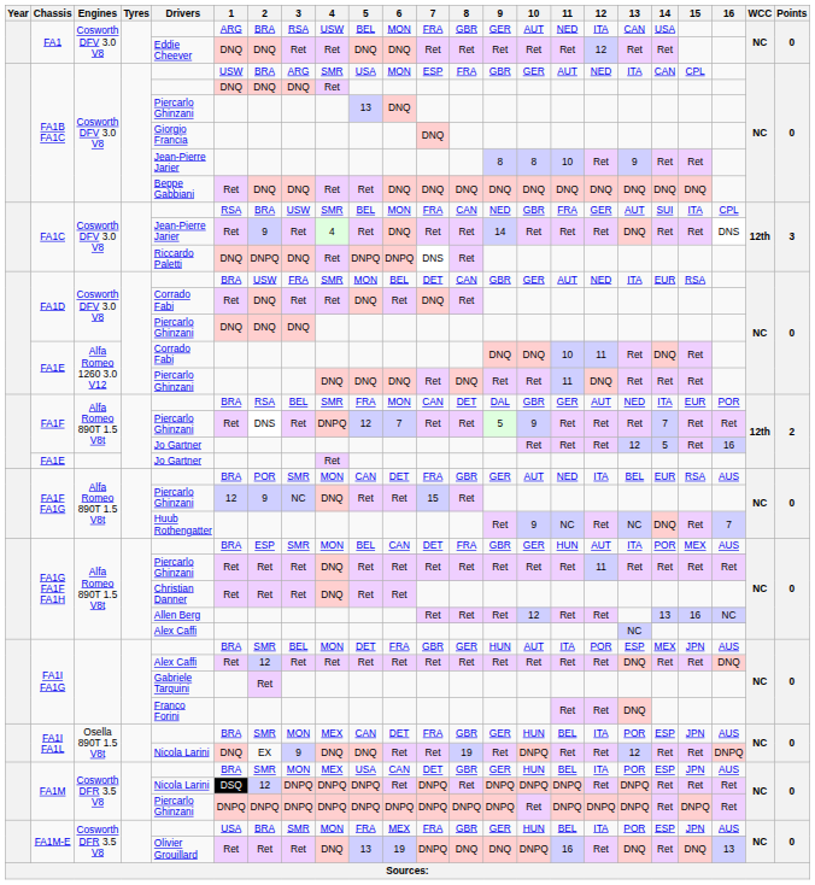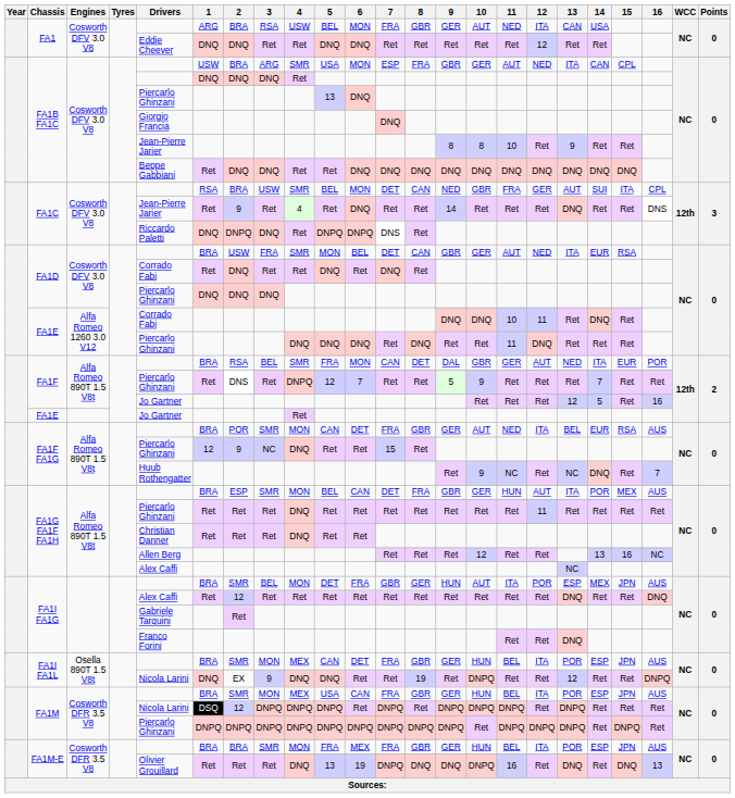 <table class="wikitable" style="text-align:center; font-size:85%">
 <tr>
 <th>Year</th>
 <th>Chassis</th>
 <th>Engines</th>
 <th>Tyres</th>
 <th>Drivers</th>
 <th>1</th>
 <th>2</th>
 <th>3</th>
 <th>4</th>
 <th>5</th>
 <th>6</th>
 <th>7</th>
 <th>8</th>
 <th>9</th>
 <th>10</th>
 <th>11</th>
 <th>12</th>
 <th>13</th>
 <th>14</th>
 <th>15</th>
 <th>16</th>
 <th>WCC</th>
 <th>Points</th>
 </tr>
 <tr>
 <th rowspan="2"></th>
 <td rowspan="2"><a href='#'>FA1</a></td>
 <td rowspan="2"><a href='#'>Cosworth DFV</a> 3.0 <a href='#'>V8</a></td>
 <td rowspan="2"></td>
 <td></td>
 <td><a href='#'>ARG</a></td>
 <td><a href='#'>BRA</a></td>
 <td><a href='#'>RSA</a></td>
 <td><a href='#'>USW</a></td>
 <td><a href='#'>BEL</a></td>
 <td><a href='#'>MON</a></td>
 <td><a href='#'>FRA</a></td>
 <td><a href='#'>GBR</a></td>
 <td><a href='#'>GER</a></td>
 <td><a href='#'>AUT</a></td>
 <td><a href='#'>NED</a></td>
 <td><a href='#'>ITA</a></td>
 <td><a href='#'>CAN</a></td>
 <td><a href='#'>USA</a></td>
 <td></td>
 <td></td>
 <th rowspan="2">NC</th>
 <th rowspan="2">0</th>
 </tr>
 <tr>
 <td align="left"> <a href='#'>Eddie Cheever</a></td>
 <td style="background:#FFCFCF;">DNQ</td>
 <td style="background:#FFCFCF;">DNQ</td>
 <td style="background:#EFCFFF;">Ret</td>
 <td style="background:#EFCFFF;">Ret</td>
 <td style="background:#FFCFCF;">DNQ</td>
 <td style="background:#FFCFCF;">DNQ</td>
 <td style="background:#EFCFFF;">Ret</td>
 <td style="background:#EFCFFF;">Ret</td>
 <td style="background:#EFCFFF;">Ret</td>
 <td style="background:#EFCFFF;">Ret</td>
 <td style="background:#EFCFFF;">Ret</td>
 <td style="background:#CFCFFF;">12</td>
 <td style="background:#EFCFFF;">Ret</td>
 <td style="background:#EFCFFF;">Ret</td>
 <td></td>
 <td></td>
 </tr>
 <tr>
 <th rowspan="6"></th>
 <td rowspan="6"><a href='#'>FA1B</a><br><a href='#'>FA1C</a></td>
 <td rowspan="6"><a href='#'>Cosworth DFV</a> 3.0 <a href='#'>V8</a></td>
 <td rowspan="6"></td>
 <td></td>
 <td><a href='#'>USW</a></td>
 <td><a href='#'>BRA</a></td>
 <td><a href='#'>ARG</a></td>
 <td><a href='#'>SMR</a></td>
 <td><a href='#'>USA</a></td>
 <td><a href='#'>MON</a></td>
 <td><a href='#'>ESP</a></td>
 <td><a href='#'>FRA</a></td>
 <td><a href='#'>GBR</a></td>
 <td><a href='#'>GER</a></td>
 <td><a href='#'>AUT</a></td>
 <td><a href='#'>NED</a></td>
 <td><a href='#'>ITA</a></td>
 <td><a href='#'>CAN</a></td>
 <td><a href='#'>CPL</a></td>
 <td></td>
 <th rowspan="6">NC</th>
 <th rowspan="6">0</th>
 </tr>
 <tr>
 <td align="left"></td>
 <td style="background:#FFCFCF;">DNQ</td>
 <td style="background:#FFCFCF;">DNQ</td>
 <td style="background:#FFCFCF;">DNQ</td>
 <td style="background:#EFCFFF;">Ret</td>
 <td></td>
 <td></td>
 <td></td>
 <td></td>
 <td></td>
 <td></td>
 <td></td>
 <td></td>
 <td></td>
 <td></td>
 <td></td>
 <td></td>
 </tr>
 <tr>
 <td align="left"> <a href='#'>Piercarlo Ghinzani</a></td>
 <td></td>
 <td></td>
 <td></td>
 <td></td>
 <td style="background:#CFCFFF;">13</td>
 <td style="background:#FFCFCF;">DNQ</td>
 <td></td>
 <td></td>
 <td></td>
 <td></td>
 <td></td>
 <td></td>
 <td></td>
 <td></td>
 <td></td>
 <td></td>
 </tr>
 <tr>
 <td align="left"> <a href='#'>Giorgio Francia</a></td>
 <td></td>
 <td></td>
 <td></td>
 <td></td>
 <td></td>
 <td></td>
 <td style="background:#FFCFCF;">DNQ</td>
 <td></td>
 <td></td>
 <td></td>
 <td></td>
 <td></td>
 <td></td>
 <td></td>
 <td></td>
 <td></td>
 </tr>
 <tr>
 <td align="left"> <a href='#'>Jean-Pierre Jarier</a></td>
 <td></td>
 <td></td>
 <td></td>
 <td></td>
 <td></td>
 <td></td>
 <td></td>
 <td></td>
 <td style="background:#CFCFFF;">8</td>
 <td style="background:#CFCFFF;">8</td>
 <td style="background:#CFCFFF;">10</td>
 <td style="background:#EFCFFF;">Ret</td>
 <td style="background:#CFCFFF;">9</td>
 <td style="background:#EFCFFF;">Ret</td>
 <td style="background:#EFCFFF;">Ret</td>
 <td></td>
 </tr>
 <tr>
 <td align="left"> <a href='#'>Beppe Gabbiani</a></td>
 <td style="background:#EFCFFF;">Ret</td>
 <td style="background:#FFCFCF;">DNQ</td>
 <td style="background:#FFCFCF;">DNQ</td>
 <td style="background:#EFCFFF;">Ret</td>
 <td style="background:#EFCFFF;">Ret</td>
 <td style="background:#FFCFCF;">DNQ</td>
 <td style="background:#FFCFCF;">DNQ</td>
 <td style="background:#FFCFCF;">DNQ</td>
 <td style="background:#FFCFCF;">DNQ</td>
 <td style="background:#FFCFCF;">DNQ</td>
 <td style="background:#FFCFCF;">DNQ</td>
 <td style="background:#FFCFCF;">DNQ</td>
 <td style="background:#FFCFCF;">DNQ</td>
 <td style="background:#FFCFCF;">DNQ</td>
 <td style="background:#FFCFCF;">DNQ</td>
 <td></td>
 </tr>
 <tr>
 <th rowspan="3"></th>
 <td rowspan="3"><a href='#'>FA1C</a><br></td>
 <td rowspan="3"><a href='#'>Cosworth DFV</a> 3.0 <a href='#'>V8</a></td>
 <td rowspan="3"></td>
 <td></td>
 <td><a href='#'>RSA</a></td>
 <td><a href='#'>BRA</a></td>
 <td><a href='#'>USW</a></td>
 <td><a href='#'>SMR</a></td>
 <td><a href='#'>BEL</a></td>
 <td><a href='#'>MON</a></td>
-<td><a href='#'>FRA</a></td>
+<td><a href='#'>DET</a></td>
 <td><a href='#'>CAN</a></td>
 <td><a href='#'>NED</a></td>
 <td><a href='#'>GBR</a></td>
 <td><a href='#'>FRA</a></td>
 <td><a href='#'>GER</a></td>
 <td><a href='#'>AUT</a></td>
 <td><a href='#'>SUI</a></td>
 <td><a href='#'>ITA</a></td>
 <td><a href='#'>CPL</a></td>
 <th rowspan="3">12th</th>
 <th rowspan="3">3</th>
 </tr>
 <tr>
 <td align="left"> <a href='#'>Jean-Pierre Jarier</a></td>
 <td style="background:#EFCFFF;">Ret</td>
 <td style="background:#CFCFFF;">9</td>
 <td style="background:#EFCFFF;">Ret</td>
 <td style="background:#DFFFDF;">4</td>
 <td style="background:#EFCFFF;">Ret</td>
 <td style="background:#FFCFCF;">DNQ</td>
 <td style="background:#EFCFFF;">Ret</td>
 <td style="background:#EFCFFF;">Ret</td>
 <td style="background:#CFCFFF;">14</td>
 <td style="background:#EFCFFF;">Ret</td>
 <td style="background:#EFCFFF;">Ret</td>
 <td style="background:#EFCFFF;">Ret</td>
 <td style="background:#FFCFCF;">DNQ</td>
 <td style="background:#EFCFFF;">Ret</td>
 <td style="background:#EFCFFF;">Ret</td>
 <td style="background:#ffffff;">DNS</td>
 </tr>
 <tr>
 <td align="left"> <a href='#'>Riccardo Paletti</a></td>
 <td style="background:#FFCFCF;">DNQ</td>
 <td style="background:#FFCFCF;">DNPQ</td>
 <td style="background:#FFCFCF;">DNQ</td>
 <td style="background:#EFCFFF;">Ret</td>
 <td style="background:#FFCFCF;">DNPQ</td>
 <td style="background:#FFCFCF;">DNPQ</td>
 <td style="background:#ffffff;">DNS</td>
 <td style="background:#EFCFFF;">Ret</td>
 <td></td>
 <td></td>
 <td></td>
 <td></td>
 <td></td>
 <td></td>
 <td></td>
 <td></td>
 </tr>
 <tr>
 <th rowspan="5"></th>
 <td rowspan="3"><a href='#'>FA1D</a></td>
 <td rowspan="3"><a href='#'>Cosworth DFV</a> 3.0 <a href='#'>V8</a></td>
 <td rowspan="5"></td>
 <td></td>
 <td><a href='#'>BRA</a></td>
 <td><a href='#'>USW</a></td>
 <td><a href='#'>FRA</a></td>
 <td><a href='#'>SMR</a></td>
 <td><a href='#'>MON</a></td>
 <td><a href='#'>BEL</a></td>
 <td><a href='#'>DET</a></td>
 <td><a href='#'>CAN</a></td>
 <td><a href='#'>GBR</a></td>
 <td><a href='#'>GER</a></td>
 <td><a href='#'>AUT</a></td>
 <td><a href='#'>NED</a></td>
 <td><a href='#'>ITA</a></td>
 <td><a href='#'>EUR</a></td>
 <td><a href='#'>RSA</a></td>
 <td></td>
 <th rowspan="5">NC</th>
 <th rowspan="5">0</th>
 </tr>
 <tr>
 <td align="left"> <a href='#'>Corrado Fabi</a></td>
 <td style="background:#EFCFFF;">Ret</td>
 <td style="background:#FFCFCF;">DNQ</td>
 <td style="background:#EFCFFF;">Ret</td>
 <td style="background:#EFCFFF;">Ret</td>
 <td style="background:#FFCFCF;">DNQ</td>
 <td style="background:#EFCFFF;">Ret</td>
 <td style="background:#FFCFCF;">DNQ</td>
 <td style="background:#EFCFFF;">Ret</td>
 <td></td>
 <td></td>
 <td></td>
 <td></td>
 <td></td>
 <td></td>
 <td></td>
 <td></td>
 </tr>
 <tr>
 <td align="left"> <a href='#'>Piercarlo Ghinzani</a></td>
 <td style="background:#FFCFCF;">DNQ</td>
 <td style="background:#FFCFCF;">DNQ</td>
 <td style="background:#FFCFCF;">DNQ</td>
 <td></td>
 <td></td>
 <td></td>
 <td></td>
 <td></td>
 <td></td>
 <td></td>
 <td></td>
 <td></td>
 <td></td>
 <td></td>
 <td></td>
 <td></td>
 </tr>
 <tr>
 <td rowspan="2"><a href='#'>FA1E</a></td>
 <td rowspan="2"><a href='#'>Alfa Romeo</a> 1260 3.0 <a href='#'>V12</a></td>
 <td align="left"> <a href='#'>Corrado Fabi</a></td>
 <td></td>
 <td></td>
 <td></td>
 <td></td>
 <td></td>
 <td></td>
 <td></td>
 <td></td>
 <td style="background:#FFCFCF;">DNQ</td>
 <td style="background:#FFCFCF;">DNQ</td>
 <td style="background:#CFCFFF;">10</td>
 <td style="background:#CFCFFF;">11</td>
 <td style="background:#EFCFFF;">Ret</td>
 <td style="background:#FFCFCF;">DNQ</td>
 <td style="background:#EFCFFF;">Ret</td>
 <td></td>
 </tr>
 <tr>
 <td align="left"> <a href='#'>Piercarlo Ghinzani</a></td>
 <td></td>
 <td></td>
 <td></td>
 <td style="background:#FFCFCF;">DNQ</td>
 <td style="background:#FFCFCF;">DNQ</td>
 <td style="background:#FFCFCF;">DNQ</td>
 <td style="background:#EFCFFF;">Ret</td>
 <td style="background:#FFCFCF;">DNQ</td>
 <td style="background:#EFCFFF;">Ret</td>
 <td style="background:#EFCFFF;">Ret</td>
 <td style="background:#CFCFFF;">11</td>
 <td style="background:#FFCFCF;">DNQ</td>
 <td style="background:#EFCFFF;">Ret</td>
 <td style="background:#EFCFFF;">Ret</td>
 <td style="background:#EFCFFF;">Ret</td>
 <td></td>
 </tr>
 <tr>
 <th rowspan="4"></th>
 <td rowspan="3"><a href='#'>FA1F</a></td>
 <td rowspan="3"><a href='#'>Alfa Romeo</a> 890T 1.5 <a href='#'>V8</a><a href='#'>t</a></td>
 <td rowspan="4"></td>
 <td></td>
 <td><a href='#'>BRA</a></td>
 <td><a href='#'>RSA</a></td>
 <td><a href='#'>BEL</a></td>
 <td><a href='#'>SMR</a></td>
 <td><a href='#'>FRA</a></td>
 <td><a href='#'>MON</a></td>
 <td><a href='#'>CAN</a></td>
 <td><a href='#'>DET</a></td>
 <td><a href='#'>DAL</a></td>
 <td><a href='#'>GBR</a></td>
 <td><a href='#'>GER</a></td>
 <td><a href='#'>AUT</a></td>
 <td><a href='#'>NED</a></td>
 <td><a href='#'>ITA</a></td>
 <td><a href='#'>EUR</a></td>
 <td><a href='#'>POR</a></td>
 <th rowspan="4">12th</th>
 <th rowspan="4">2</th>
 </tr>
 <tr>
 <td align="left"> <a href='#'>Piercarlo Ghinzani</a></td>
 <td style="background:#efcfff;">Ret</td>
 <td style="background:#ffffff;">DNS</td>
 <td style="background:#efcfff;">Ret</td>
 <td style="background:#FFCFCF;">DNPQ</td>
 <td style="background:#cfcfff;">12</td>
 <td style="background:#cfcfff;">7</td>
 <td style="background:#efcfff;">Ret</td>
 <td style="background:#efcfff;">Ret</td>
 <td style="background:#dfffdf;">5</td>
 <td style="background:#cfcfff;">9</td>
 <td style="background:#efcfff;">Ret</td>
 <td style="background:#efcfff;">Ret</td>
 <td style="background:#efcfff;">Ret</td>
 <td style="background:#cfcfff;">7</td>
 <td style="background:#efcfff;">Ret</td>
 <td style="background:#efcfff;">Ret</td>
 </tr>
 <tr>
 <td align="left"> <a href='#'>Jo Gartner</a></td>
 <td></td>
 <td></td>
 <td></td>
 <td></td>
 <td></td>
 <td></td>
 <td></td>
 <td></td>
 <td></td>
 <td style="background:#efcfff;">Ret</td>
 <td style="background:#efcfff;">Ret</td>
 <td style="background:#efcfff;">Ret</td>
 <td style="background:#cfcfff;">12</td>
 <td style="background:#cfcfff;">5</td>
 <td style="background:#efcfff;">Ret</td>
 <td style="background:#cfcfff;">16</td>
 </tr>
 <tr>
 <td rowspan="1"><a href='#'>FA1E</a></td>
 <td rowspan="1"></td>
 <td align="left"> <a href='#'>Jo Gartner</a></td>
 <td></td>
 <td></td>
 <td></td>
 <td style="background:#efcfff;">Ret</td>
 <td></td>
 <td></td>
 <td></td>
 <td></td>
 <td></td>
 <td></td>
 <td></td>
 <td></td>
 <td></td>
 <td></td>
 <td></td>
 <td></td>
 </tr>
 <tr>
 <th rowspan="3"></th>
 <td rowspan="3"><a href='#'>FA1F</a><br><a href='#'>FA1G</a></td>
 <td rowspan="3"><a href='#'>Alfa Romeo</a> 890T 1.5 <a href='#'>V8</a><a href='#'>t</a></td>
 <td rowspan="3"></td>
 <td></td>
 <td><a href='#'>BRA</a></td>
 <td><a href='#'>POR</a></td>
 <td><a href='#'>SMR</a></td>
 <td><a href='#'>MON</a></td>
 <td><a href='#'>CAN</a></td>
 <td><a href='#'>DET</a></td>
 <td><a href='#'>FRA</a></td>
 <td><a href='#'>GBR</a></td>
 <td><a href='#'>GER</a></td>
 <td><a href='#'>AUT</a></td>
 <td><a href='#'>NED</a></td>
 <td><a href='#'>ITA</a></td>
 <td><a href='#'>BEL</a></td>
 <td><a href='#'>EUR</a></td>
 <td><a href='#'>RSA</a></td>
 <td><a href='#'>AUS</a></td>
 <th rowspan="3">NC</th>
 <th rowspan="3">0</th>
 </tr>
 <tr>
 <td align="left"> <a href='#'>Piercarlo Ghinzani</a></td>
 <td style="background:#cfcfff;">12</td>
 <td style="background:#cfcfff;">9</td>
 <td style="background:#cfcfff;">NC</td>
 <td style="background:#ffcfcf;">DNQ</td>
 <td style="background:#efcfff;">Ret</td>
 <td style="background:#efcfff;">Ret</td>
 <td style="background:#cfcfff;">15</td>
 <td style="background:#efcfff;">Ret</td>
 <td></td>
 <td></td>
 <td></td>
 <td></td>
 <td></td>
 <td></td>
 <td></td>
 <td></td>
 </tr>
 <tr>
 <td align="left"> <a href='#'>Huub Rothengatter</a></td>
 <td></td>
 <td></td>
 <td></td>
 <td></td>
 <td></td>
 <td></td>
 <td></td>
 <td></td>
 <td style="background:#efcfff;">Ret</td>
 <td style="background:#cfcfff;">9</td>
 <td style="background:#cfcfff;">NC</td>
 <td style="background:#efcfff;">Ret</td>
 <td style="background:#cfcfff;">NC</td>
 <td style="background:#ffcfcf;">DNQ</td>
 <td style="background:#efcfff;">Ret</td>
 <td style="background:#cfcfff;">7</td>
 </tr>
 <tr>
 <th rowspan="5"></th>
 <td rowspan="5"><a href='#'>FA1G</a><br><a href='#'>FA1F</a><br><a href='#'>FA1H</a></td>
 <td rowspan="5"><a href='#'>Alfa Romeo</a> 890T 1.5 <a href='#'>V8</a><a href='#'>t</a></td>
 <td rowspan="5"></td>
 <td></td>
 <td><a href='#'>BRA</a></td>
 <td><a href='#'>ESP</a></td>
 <td><a href='#'>SMR</a></td>
 <td><a href='#'>MON</a></td>
 <td><a href='#'>BEL</a></td>
 <td><a href='#'>CAN</a></td>
 <td><a href='#'>DET</a></td>
 <td><a href='#'>FRA</a></td>
 <td><a href='#'>GBR</a></td>
 <td><a href='#'>GER</a></td>
 <td><a href='#'>HUN</a></td>
 <td><a href='#'>AUT</a></td>
 <td><a href='#'>ITA</a></td>
 <td><a href='#'>POR</a></td>
 <td><a href='#'>MEX</a></td>
 <td><a href='#'>AUS</a></td>
 <th rowspan="5">NC</th>
 <th rowspan="5">0</th>
 </tr>
 <tr>
 <td align="left"> <a href='#'>Piercarlo Ghinzani</a></td>
 <td style="background:#efcfff;">Ret</td>
 <td style="background:#efcfff;">Ret</td>
 <td style="background:#efcfff;">Ret</td>
 <td style="background:#ffcfcf;">DNQ</td>
 <td style="background:#efcfff;">Ret</td>
 <td style="background:#efcfff;">Ret</td>
 <td style="background:#efcfff;">Ret</td>
 <td style="background:#efcfff;">Ret</td>
 <td style="background:#efcfff;">Ret</td>
 <td style="background:#efcfff;">Ret</td>
 <td style="background:#efcfff;">Ret</td>
 <td style="background:#cfcfff;">11</td>
 <td style="background:#efcfff;">Ret</td>
 <td style="background:#efcfff;">Ret</td>
 <td style="background:#efcfff;">Ret</td>
 <td style="background:#efcfff;">Ret</td>
 </tr>
 <tr>
 <td align="left"> <a href='#'>Christian Danner</a></td>
 <td style="background:#efcfff;">Ret</td>
 <td style="background:#efcfff;">Ret</td>
 <td style="background:#efcfff;">Ret</td>
 <td style="background:#ffcfcf;">DNQ</td>
 <td style="background:#efcfff;">Ret</td>
 <td style="background:#efcfff;">Ret</td>
 <td></td>
 <td></td>
 <td></td>
 <td></td>
 <td></td>
 <td></td>
 <td></td>
 <td></td>
 <td></td>
 <td></td>
 </tr>
 <tr>
 <td align="left"> <a href='#'>Allen Berg</a></td>
 <td></td>
 <td></td>
 <td></td>
 <td></td>
 <td></td>
 <td></td>
 <td style="background:#efcfff;">Ret</td>
 <td style="background:#efcfff;">Ret</td>
 <td style="background:#efcfff;">Ret</td>
 <td style="background:#cfcfff;">12</td>
 <td style="background:#efcfff;">Ret</td>
 <td style="background:#efcfff;">Ret</td>
 <td></td>
 <td style="background:#cfcfff;">13</td>
 <td style="background:#cfcfff;">16</td>
 <td style="background:#cfcfff;">NC</td>
 </tr>
 <tr>
 <td align="left"> <a href='#'>Alex Caffi</a></td>
 <td></td>
 <td></td>
 <td></td>
 <td></td>
 <td></td>
 <td></td>
 <td></td>
 <td></td>
 <td></td>
 <td></td>
 <td></td>
 <td></td>
 <td style="background:#cfcfff;">NC</td>
 <td></td>
 <td></td>
 <td></td>
 </tr>
 <tr>
 <th rowspan="4"></th>
 <td rowspan="4"><a href='#'>FA1I</a><br><a href='#'>FA1G</a></td>
 <td rowspan="4"></td>
 <td rowspan="4"></td>
 <td></td>
 <td><a href='#'>BRA</a></td>
 <td><a href='#'>SMR</a></td>
 <td><a href='#'>BEL</a></td>
 <td><a href='#'>MON</a></td>
 <td><a href='#'>DET</a></td>
 <td><a href='#'>FRA</a></td>
 <td><a href='#'>GBR</a></td>
 <td><a href='#'>GER</a></td>
 <td><a href='#'>HUN</a></td>
 <td><a href='#'>AUT</a></td>
 <td><a href='#'>ITA</a></td>
 <td><a href='#'>POR</a></td>
 <td><a href='#'>ESP</a></td>
 <td><a href='#'>MEX</a></td>
 <td><a href='#'>JPN</a></td>
 <td><a href='#'>AUS</a></td>
 <th rowspan="4">NC</th>
 <th rowspan="4">0</th>
 </tr>
 <tr>
 <td align="left"> <a href='#'>Alex Caffi</a></td>
 <td style="background:#efcfff;">Ret</td>
 <td style="background:#cfcfff;">12</td>
 <td style="background:#efcfff;">Ret</td>
 <td style="background:#efcfff;">Ret</td>
 <td style="background:#efcfff;">Ret</td>
 <td style="background:#efcfff;">Ret</td>
 <td style="background:#efcfff;">Ret</td>
 <td style="background:#efcfff;">Ret</td>
 <td style="background:#efcfff;">Ret</td>
 <td style="background:#efcfff;">Ret</td>
 <td style="background:#efcfff;">Ret</td>
 <td style="background:#efcfff;">Ret</td>
 <td style="background:#ffcfcf;">DNQ</td>
 <td style="background:#efcfff;">Ret</td>
 <td style="background:#efcfff;">Ret</td>
 <td style="background:#ffcfcf;">DNQ</td>
 </tr>
 <tr>
 <td align="left"> <a href='#'>Gabriele Tarquini</a></td>
 <td></td>
 <td style="background:#efcfff;">Ret</td>
 <td></td>
 <td></td>
 <td></td>
 <td></td>
 <td></td>
 <td></td>
 <td></td>
 <td></td>
 <td></td>
 <td></td>
 <td></td>
 <td></td>
 <td></td>
 <td></td>
 </tr>
 <tr>
 <td align="left"> <a href='#'>Franco Forini</a></td>
 <td></td>
 <td></td>
 <td></td>
 <td></td>
 <td></td>
 <td></td>
 <td></td>
 <td></td>
 <td></td>
 <td></td>
 <td style="background:#efcfff;">Ret</td>
 <td style="background:#efcfff;">Ret</td>
 <td style="background:#ffcfcf;">DNQ</td>
 <td></td>
 <td></td>
 <td></td>
 </tr>
 <tr>
 <th rowspan="2"></th>
 <td rowspan="2"><a href='#'>FA1I</a><br><a href='#'>FA1L</a></td>
 <td rowspan="2">Osella 890T 1.5 <a href='#'>V8</a><a href='#'>t</a></td>
 <td rowspan="2"></td>
 <td></td>
 <td><a href='#'>BRA</a></td>
 <td><a href='#'>SMR</a></td>
 <td><a href='#'>MON</a></td>
 <td><a href='#'>MEX</a></td>
 <td><a href='#'>CAN</a></td>
 <td><a href='#'>DET</a></td>
 <td><a href='#'>FRA</a></td>
 <td><a href='#'>GBR</a></td>
 <td><a href='#'>GER</a></td>
 <td><a href='#'>HUN</a></td>
 <td><a href='#'>BEL</a></td>
 <td><a href='#'>ITA</a></td>
 <td><a href='#'>POR</a></td>
 <td><a href='#'>ESP</a></td>
 <td><a href='#'>JPN</a></td>
 <td><a href='#'>AUS</a></td>
 <th rowspan="2">NC</th>
 <th rowspan="2">0</th>
 </tr>
 <tr>
 <td align="left"> <a href='#'>Nicola Larini</a></td>
 <td style="background:#ffcfcf;">DNQ</td>
 <td>EX</td>
 <td style="background:#cfcfff;">9</td>
 <td style="background:#ffcfcf;">DNQ</td>
 <td style="background:#ffcfcf;">DNQ</td>
 <td style="background:#efcfff;">Ret</td>
 <td style="background:#efcfff;">Ret</td>
 <td style="background:#cfcfff;">19</td>
 <td style="background:#efcfff;">Ret</td>
 <td style="background:#ffcfcf;">DNPQ</td>
 <td style="background:#efcfff;">Ret</td>
 <td style="background:#efcfff;">Ret</td>
 <td style="background:#cfcfff;">12</td>
 <td style="background:#efcfff;">Ret</td>
 <td style="background:#efcfff;">Ret</td>
 <td style="background:#ffcfcf;">DNPQ</td>
 </tr>
 <tr>
 <th rowspan="3"></th>
 <td rowspan="3"><a href='#'>FA1M</a></td>
 <td rowspan="3"><a href='#'>Cosworth DFR</a> 3.5 <a href='#'>V8</a></td>
 <td rowspan="3"></td>
 <td></td>
 <td><a href='#'>BRA</a></td>
 <td><a href='#'>SMR</a></td>
 <td><a href='#'>MON</a></td>
 <td><a href='#'>MEX</a></td>
 <td><a href='#'>USA</a></td>
 <td><a href='#'>CAN</a></td>
-<td><a href='#'>DET</a></td>
+<td><a href='#'>FRA</a></td>
 <td><a href='#'>GBR</a></td>
 <td><a href='#'>GER</a></td>
 <td><a href='#'>HUN</a></td>
 <td><a href='#'>BEL</a></td>
 <td><a href='#'>ITA</a></td>
 <td><a href='#'>POR</a></td>
 <td><a href='#'>ESP</a></td>
 <td><a href='#'>JPN</a></td>
 <td><a href='#'>AUS</a></td>
 <th rowspan="3">NC</th>
 <th rowspan="3">0</th>
 </tr>
 <tr>
 <td align="left"> <a href='#'>Nicola Larini</a></td>
 <td style="background:#000000; color:white">DSQ</td>
 <td style="background:#CFCFFF;">12</td>
 <td style="background:#FFCFCF;">DNPQ</td>
 <td style="background:#FFCFCF;">DNPQ</td>
 <td style="background:#FFCFCF;">DNPQ</td>
 <td style="background:#EFCFFF;">Ret</td>
 <td style="background:#FFCFCF;">DNPQ</td>
 <td style="background:#EFCFFF;">Ret</td>
 <td style="background:#FFCFCF;">DNPQ</td>
 <td style="background:#FFCFCF;">DNPQ</td>
 <td style="background:#FFCFCF;">DNPQ</td>
 <td style="background:#EFCFFF;">Ret</td>
 <td style="background:#FFCFCF;">DNPQ</td>
 <td style="background:#EFCFFF;">Ret</td>
 <td style="background:#EFCFFF;">Ret</td>
 <td style="background:#EFCFFF;">Ret</td>
 </tr>
 <tr>
 <td align="left"> <a href='#'>Piercarlo Ghinzani</a></td>
 <td style="background:#FFCFCF;">DNPQ</td>
 <td style="background:#FFCFCF;">DNPQ</td>
 <td style="background:#FFCFCF;">DNPQ</td>
 <td style="background:#FFCFCF;">DNPQ</td>
 <td style="background:#FFCFCF;">DNPQ</td>
 <td style="background:#FFCFCF;">DNPQ</td>
 <td style="background:#FFCFCF;">DNPQ</td>
 <td style="background:#FFCFCF;">DNPQ</td>
 <td style="background:#FFCFCF;">DNPQ</td>
 <td style="background:#EFCFFF;">Ret</td>
 <td style="background:#FFCFCF;">DNPQ</td>
 <td style="background:#FFCFCF;">DNPQ</td>
 <td style="background:#FFCFCF;">DNPQ</td>
 <td style="background:#EFCFFF;">Ret</td>
 <td style="background:#FFCFCF;">DNPQ</td>
 <td style="background:#EFCFFF;">Ret</td>
 </tr>
 <tr>
 <th rowspan="2"></th>
 <td rowspan="2"><a href='#'>FA1M-E</a></td>
 <td rowspan="2"><a href='#'>Cosworth DFR</a> 3.5 <a href='#'>V8</a></td>
 <td rowspan="2"></td>
 <td></td>
-<td><a href='#'>USA</a></td>
+<td><a href='#'>BRA</a></td>
 <td><a href='#'>BRA</a></td>
 <td><a href='#'>SMR</a></td>
 <td><a href='#'>MON</a></td>
 <td><a href='#'>FRA</a></td>
 <td><a href='#'>MEX</a></td>
 <td><a href='#'>FRA</a></td>
 <td><a href='#'>GBR</a></td>
 <td><a href='#'>GER</a></td>
 <td><a href='#'>HUN</a></td>
 <td><a href='#'>BEL</a></td>
 <td><a href='#'>ITA</a></td>
 <td><a href='#'>POR</a></td>
 <td><a href='#'>ESP</a></td>
 <td><a href='#'>JPN</a></td>
 <td><a href='#'>AUS</a></td>
 <th rowspan="2">NC</th>
 <th rowspan="2">0</th>
 </tr>
 <tr>
 <td align="left"> <a href='#'>Olivier Grouillard</a></td>
 <td style="background:#EFCFFF;">Ret</td>
 <td style="background:#EFCFFF;">Ret</td>
 <td style="background:#EFCFFF;">Ret</td>
 <td style="background:#FFCFCF;">DNQ</td>
 <td style="background:#CFCFFF;">13</td>
 <td style="background:#CFCFFF;">19</td>
 <td style="background:#FFCFCF;">DNPQ</td>
 <td style="background:#FFCFCF;">DNQ</td>
 <td style="background:#FFCFCF;">DNQ</td>
 <td style="background:#FFCFCF;">DNPQ</td>
 <td style="background:#CFCFFF;">16</td>
 <td style="background:#EFCFFF;">Ret</td>
 <td style="background:#FFCFCF;">DNQ</td>
 <td style="background:#EFCFFF;">Ret</td>
 <td style="background:#FFCFCF;">DNQ</td>
 <td style="background:#CFCFFF;">13</td>
 </tr>
 <tr>
 <th colspan="23">Sources:</th>
 </tr>
 </table>
